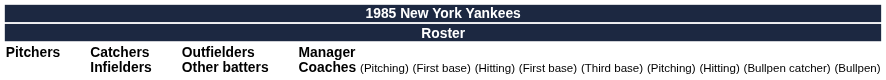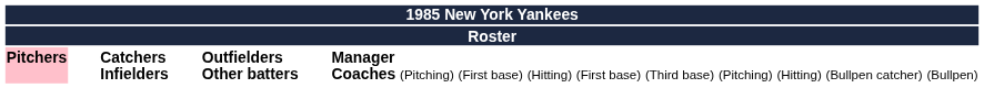 <table class="toccolours" style="font-size: 95%;">
 <tr>
 <th colspan="10" style="background-color: #1c2841; color: white; text-align: center;">1985 New York Yankees</th>
 </tr>
 <tr>
 <td colspan="10" style="background-color:#1c2841; color: white; text-align: center;"><strong>Roster</strong></td>
 </tr>
 <tr>
-<td valign="top"><strong>Pitchers</strong><br>                </td>
+<td valign="top" style="background: pink;"><strong>Pitchers</strong><br>                </td>
 <td width="25px"></td>
 <td valign="top"><strong>Catchers</strong><br>    <strong>Infielders</strong>         </td>
 <td width="25px"></td>
 <td valign="top"><strong>Outfielders</strong><br>        <strong>Other batters</strong> </td>
 <td width="25px"></td>
 <td valign="top"><strong>Manager</strong><br>  <strong>Coaches</strong>  <small>(Pitching)</small>  <small>(First base)</small>  <small>(Hitting)</small>  <small>(First base)</small>  <small>(Third base)</small>  <small>(Pitching)</small>  <small>(Hitting)</small>  <small>(Bullpen catcher)</small>  <small>(Bullpen)</small></td>
 </tr>
 </table>
